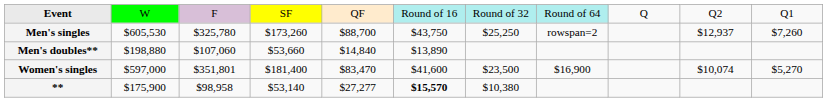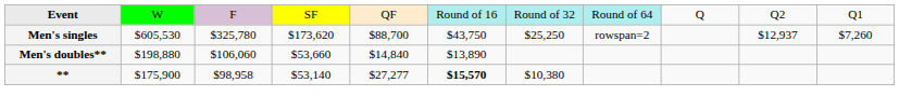 <table class=wikitable style=font-size:90%;text-align:center>
 <tr>
 <td style="width:130px; background:#eaeaea;"><strong>Event</strong></td>
 <td style="width:80px; background:lime;">W</td>
 <td style="width:85px; background:thistle;">F</td>
 <td style="width:85px; background:#ff0;">SF</td>
 <td style="width:85px; background:#ffebcd;">QF</td>
 <td style="width:85px; background:#afeeee;">Round of 16</td>
 <td style="width:85px; background:#afeeee;">Round of 32</td>
 <td style="width:85px; background:#afeeee;">Round of 64</td>
 <td style="width:85px;">Q</td>
 <td style="width:85px;">Q2</td>
 <td style="width:85px;">Q1</td>
 </tr>
 <tr>
 <th style="background:#f4f4f4;">Men's singles</th>
 <td>$605,530</td>
 <td>$325,780</td>
-<td>$173,260</td>
+<td>$173,620</td>
 <td>$88,700</td>
 <td>$43,750</td>
 <td>$25,250</td>
 <td>rowspan=2 </td>
 <td></td>
 <td>$12,937</td>
 <td>$7,260</td>
 </tr>
 <tr>
 <th style="background:#f4f4f4;">Men's doubles**</th>
 <td>$198,880</td>
-<td>$107,060</td>
+<td>$106,060</td>
 <td>$53,660</td>
 <td>$14,840</td>
 <td>$13,890</td>
 <td></td>
 <td></td>
 <td></td>
 <td></td>
-</tr>
-<tr>
-<th style="background:#f4f4f4;">Women's singles</th>
-<td>$597,000</td>
-<td>$351,801</td>
-<td>$181,400</td>
-<td>$83,470</td>
-<td>$41,600</td>
-<td>$23,500</td>
-<td>$16,900</td>
-<td></td>
-<td>$10,074</td>
-<td>$5,270</td>
 </tr>
 <tr>
 <th style="background:#f4f4f4;">**</th>
 <td>$175,900</td>
 <td>$98,958</td>
 <td>$53,140</td>
 <td>$27,277</td>
 <td><strong>$15,570</strong></td>
 <td>$10,380</td>
 <td></td>
 <td></td>
 <td></td>
 <td></td>
 </tr>
 </table>
